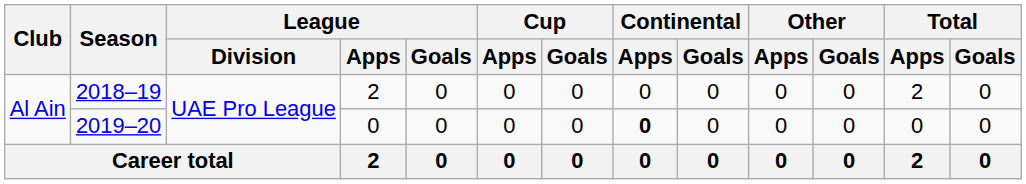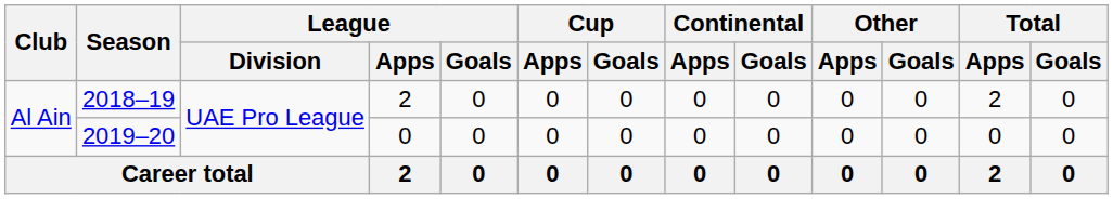 <table class="wikitable" style="text-align: center">
 <tr>
 <th rowspan="2">Club</th>
 <th rowspan="2">Season</th>
 <th colspan="3">League</th>
 <th colspan="2">Cup</th>
 <th colspan="2">Continental</th>
 <th colspan="2">Other</th>
 <th colspan="2">Total</th>
 </tr>
 <tr>
 <th>Division</th>
 <th>Apps</th>
 <th>Goals</th>
 <th>Apps</th>
 <th>Goals</th>
 <th>Apps</th>
 <th>Goals</th>
 <th>Apps</th>
 <th>Goals</th>
 <th>Apps</th>
 <th>Goals</th>
 </tr>
 <tr>
 <td rowspan="2"><a href='#'>Al Ain</a></td>
 <td><a href='#'>2018–19</a></td>
 <td rowspan="2"><a href='#'>UAE Pro League</a></td>
 <td>2</td>
 <td>0</td>
 <td>0</td>
 <td>0</td>
 <td>0</td>
 <td>0</td>
 <td>0</td>
 <td>0</td>
 <td>2</td>
 <td>0</td>
 </tr>
 <tr>
 <td><a href='#'>2019–20</a></td>
 <td>0</td>
 <td>0</td>
 <td>0</td>
 <td>0</td>
-<td><strong>0</strong></td>
+<td>0</td>
 <td>0</td>
 <td>0</td>
 <td>0</td>
 <td>0</td>
 <td>0</td>
 </tr>
 <tr>
 <th colspan=3>Career total</th>
 <th>2</th>
 <th>0</th>
 <th>0</th>
 <th>0</th>
 <th>0</th>
 <th>0</th>
 <th>0</th>
 <th>0</th>
 <th>2</th>
 <th>0</th>
 </tr>
 </table>
